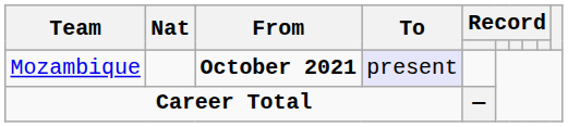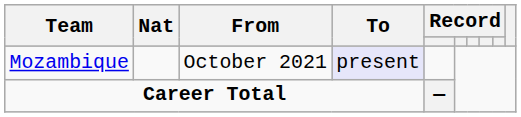 <table class="wikitable" style="text-align: center">
 <tr>
 <th rowspan="2">Team</th>
 <th rowspan="2">Nat</th>
 <th rowspan="2">From</th>
 <th rowspan="2">To</th>
 <th colspan="5">Record</th>
 <th rowspan=2></th>
 </tr>
 <tr>
 <th></th>
 <th></th>
 <th></th>
 <th></th>
 <th></th>
 </tr>
 <tr>
 <td align="left"><a href='#'>Mozambique</a></td>
 <td align="center"></td>
-<td align="center"><strong>October 2021</strong></td>
+<td align="center">October 2021</td>
 <td align="center" style="background: lavender;">present<br></td>
 <td></td>
 </tr>
 <tr>
 <td colspan=4><strong>Career Total</strong><br></td>
 <th>—</th>
 </tr>
 </table>
